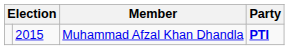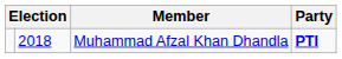 <table class="wikitable">
 <tr>
 <th colspan="2">Election</th>
 <th>Member</th>
 <th>Party</th>
 </tr>
 <tr>
 <td style="background-color: "></td>
-<td><a href='#'>2015</a></td>
+<td><a href='#'>2018</a></td>
 <td><a href='#'>Muhammad Afzal Khan Dhandla</a></td>
 <td><strong><a href='#'>PTI</a></strong></td>
 </tr>
 </table>
